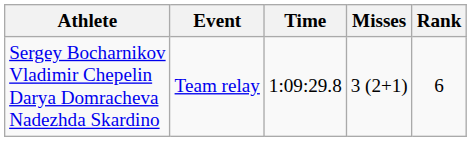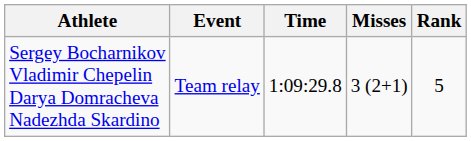 <table class=wikitable style=font-size:90%>
 <tr>
 <th>Athlete</th>
 <th>Event</th>
 <th>Time</th>
 <th>Misses</th>
 <th>Rank</th>
 </tr>
 <tr align=center>
 <td align=left><a href='#'>Sergey Bocharnikov</a><br><a href='#'>Vladimir Chepelin</a><br><a href='#'>Darya Domracheva</a><br><a href='#'>Nadezhda Skardino</a></td>
 <td align=left><a href='#'>Team relay</a></td>
 <td>1:09:29.8</td>
 <td>3 (2+1)</td>
-<td>6</td>
+<td>5</td>
 </tr>
 </table>
